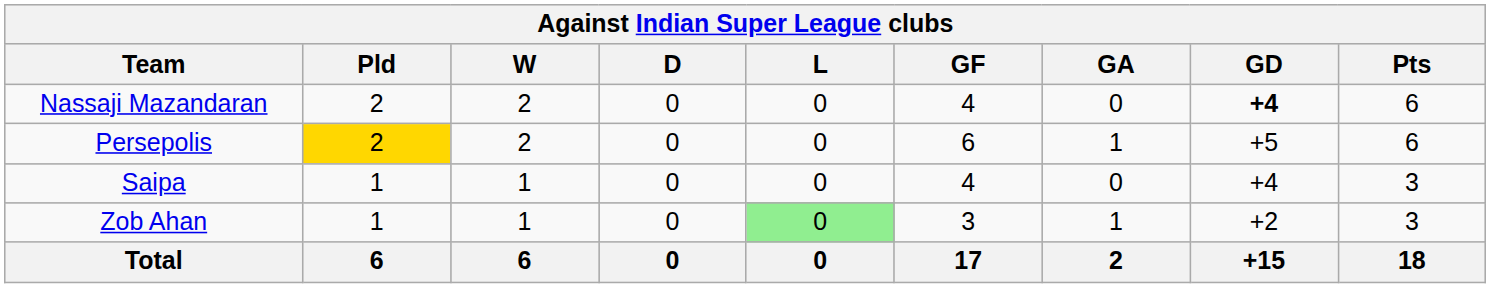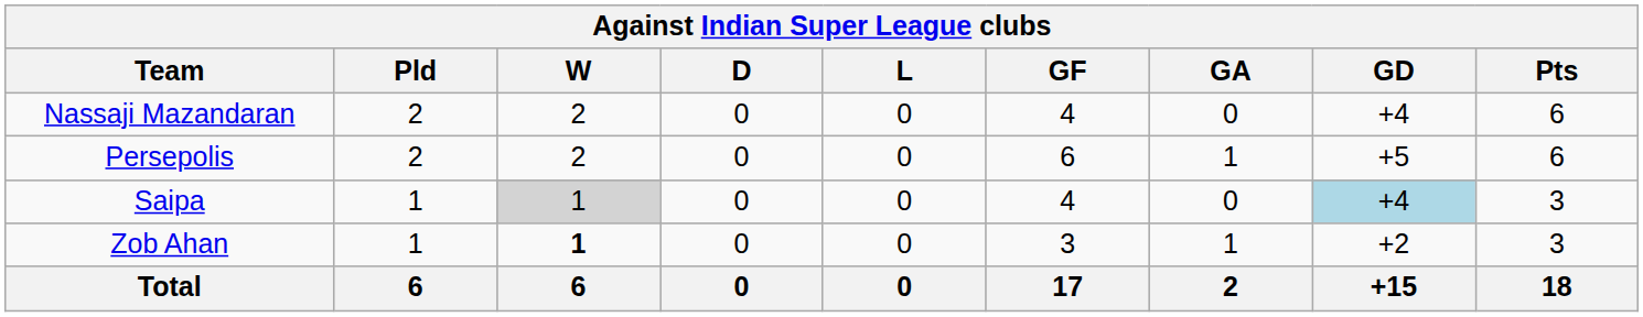 <table class="wikitable" width="60%" style="text-align:center">
 <tr>
 <th colspan="9">Against <a href='#'>Indian Super League</a> clubs</th>
 </tr>
 <tr>
 <th width="10%">Team</th>
 <th width="5%">Pld</th>
 <th width="5%">W</th>
 <th width="5%">D</th>
 <th width="5%">L</th>
 <th width="5%">GF</th>
 <th width="5%">GA</th>
 <th width="5%">GD</th>
 <th width="5%">Pts</th>
 </tr>
 <tr>
 <td><a href='#'>Nassaji Mazandaran</a></td>
 <td>2</td>
 <td>2</td>
 <td>0</td>
 <td>0</td>
 <td>4</td>
 <td>0</td>
-<td><strong>+4</strong></td>
+<td>+4</td>
 <td>6</td>
 </tr>
 <tr>
 <td><a href='#'>Persepolis</a></td>
-<td style="background: gold;">2</td>
+<td>2</td>
 <td>2</td>
 <td>0</td>
 <td>0</td>
 <td>6</td>
 <td>1</td>
 <td>+5</td>
 <td>6</td>
 </tr>
 <tr>
 <td><a href='#'>Saipa</a></td>
 <td>1</td>
-<td>1</td>
+<td style="background: lightgrey;">1</td>
 <td>0</td>
 <td>0</td>
 <td>4</td>
 <td>0</td>
-<td>+4</td>
+<td style="background: lightblue;">+4</td>
 <td>3</td>
 </tr>
 <tr>
 <td><a href='#'>Zob Ahan</a></td>
 <td>1</td>
-<td>1</td>
+<td><strong>1</strong></td>
 <td>0</td>
-<td style="background: lightgreen;">0</td>
+<td>0</td>
 <td>3</td>
 <td>1</td>
 <td>+2</td>
 <td>3</td>
 </tr>
 <tr>
 <th>Total</th>
 <th>6</th>
 <th>6</th>
 <th>0</th>
 <th>0</th>
 <th>17</th>
 <th>2</th>
 <th>+15</th>
 <th>18</th>
 </tr>
 </table>
